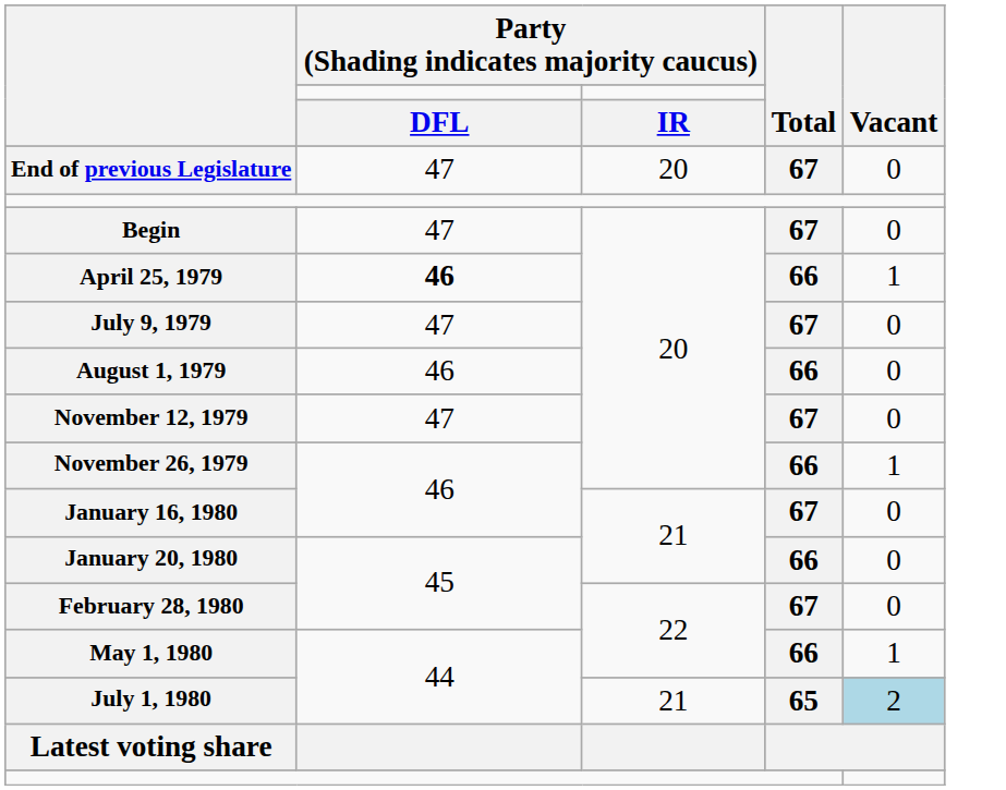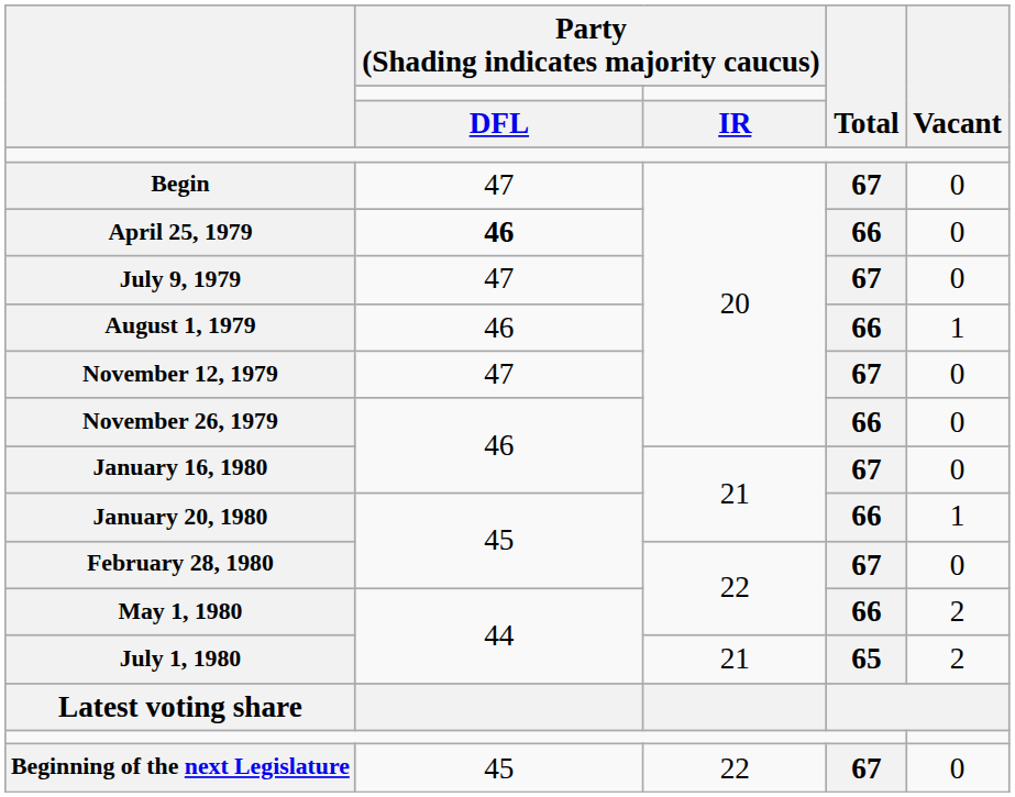 <table class=wikitable style="text-align:center">
 <tr style="vertical-align:bottom;">
 <th rowspan=3></th>
 <th colspan=2>Party <div>(Shading indicates majority caucus)</div></th>
 <th rowspan=3>Total</th>
 <th rowspan=3>Vacant</th>
 </tr>
 <tr style="height:5px">
 <td style="background-color:"></td>
 <td style="background-color:"></td>
 </tr>
 <tr>
 <th><a href='#'>DFL</a></th>
 <th><a href='#'>IR</a></th>
 </tr>
 <tr>
-<th style="white-space:nowrap; font-size:80%;">End of <a href='#'>previous Legislature</a></th>
-<td>47</td>
-<td>20</td>
-<th>67</th>
-<td>0</td>
-</tr>
-<tr>
 <td colspan=5></td>
 </tr>
 <tr>
 <th style="font-size:80%">Begin</th>
 <td>47</td>
 <td rowspan="6">20</td>
 <th>67</th>
 <td>0</td>
 </tr>
 <tr>
 <th style="font-size:80%">April 25, 1979 </th>
 <td><strong>46</strong></td>
 <th>66</th>
-<td>1</td>
+<td>0</td>
 </tr>
 <tr>
 <th style="font-size:80%">July 9, 1979 </th>
 <td>47</td>
 <th>67</th>
 <td>0</td>
 </tr>
 <tr>
 <th style="font-size:80%">August 1, 1979 </th>
 <td>46</td>
 <th>66</th>
-<td>0</td>
+<td>1</td>
 </tr>
 <tr>
 <th style="font-size:80%">November 12, 1979 </th>
 <td>47</td>
 <th>67</th>
 <td>0</td>
 </tr>
 <tr>
 <th style="font-size:80%">November 26, 1979 </th>
 <td rowspan="2" >46</td>
 <th>66</th>
-<td>1</td>
+<td>0</td>
 </tr>
 <tr>
 <th style="font-size:80%">January 16, 1980 </th>
 <td rowspan="2">21</td>
 <th>67</th>
 <td>0</td>
 </tr>
 <tr>
 <th style="font-size:80%">January 20, 1980 </th>
 <td rowspan="2" >45</td>
 <th>66</th>
-<td>0</td>
+<td>1</td>
 </tr>
 <tr>
 <th style="font-size:80%">February 28, 1980 </th>
 <td rowspan="2">22</td>
 <th>67</th>
 <td>0</td>
 </tr>
 <tr>
 <th style="font-size:80%">May 1, 1980 </th>
 <td rowspan="2" >44</td>
 <th>66</th>
-<td>1</td>
+<td>2</td>
 </tr>
 <tr>
 <th style="font-size:80%">July 1, 1980 </th>
 <td>21</td>
 <th>65</th>
-<td style="background: lightblue;">2</td>
+<td>2</td>
 </tr>
 <tr>
 <th>Latest voting share</th>
 <th></th>
 <th></th>
 <th colspan=2></th>
 </tr>
 <tr>
 <td colspan=4></td>
 </tr>
+<tr>
+<th style="white-space:nowrap; font-size:80%;">Beginning of the <a href='#'>next Legislature</a></th>
+<td>45</td>
+<td>22</td>
+<th>67</th>
+<td>0</td>
+</tr>
 </table>
